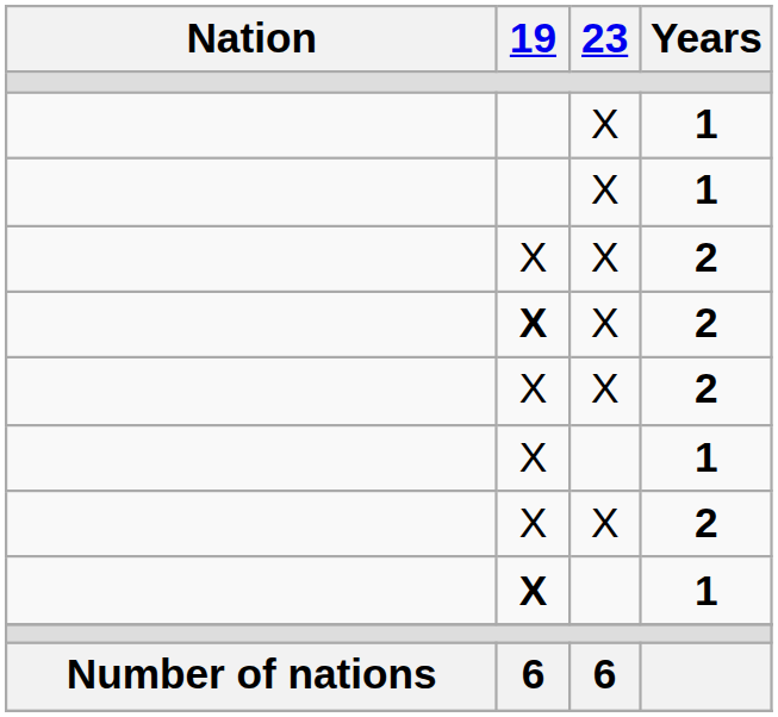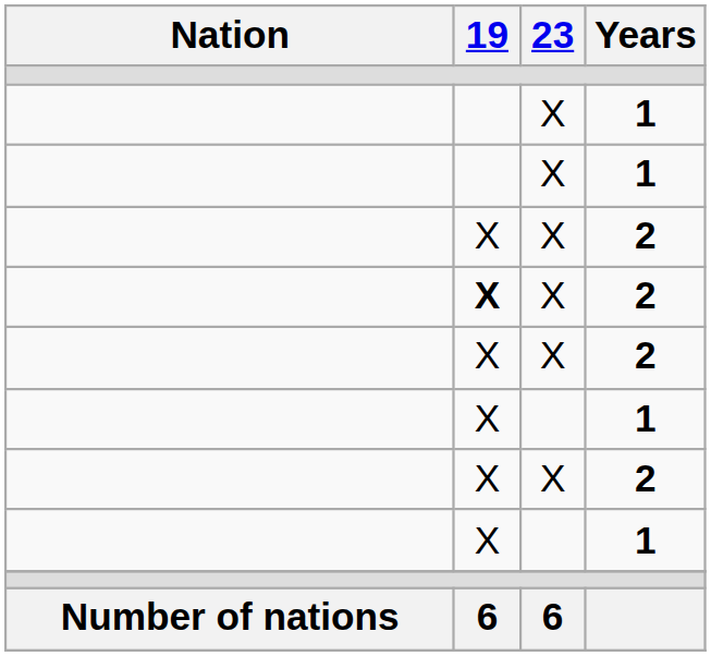 <table class=wikitable style="text-align:center">
 <tr>
 <th width=180>Nation</th>
 <th width=20><a href='#'>19</a></th>
 <th width=20><a href='#'>23</a></th>
 <th width=40>Years</th>
 </tr>
 <tr bgcolor=#DDDDDD>
 <td colspan=4></td>
 </tr>
 <tr>
 <td align=left></td>
 <td></td>
 <td>X</td>
 <td><strong>1</strong></td>
 </tr>
 <tr>
 <td align=left></td>
 <td></td>
 <td>X</td>
 <td><strong>1</strong></td>
 </tr>
 <tr>
 <td align=left></td>
 <td>X</td>
 <td>X</td>
 <td><strong>2</strong></td>
 </tr>
 <tr>
 <td align=left></td>
 <td><strong>X</strong></td>
 <td>X</td>
 <td><strong>2</strong></td>
 </tr>
 <tr>
 <td align=left></td>
 <td>X</td>
 <td>X</td>
 <td><strong>2</strong></td>
 </tr>
 <tr>
 <td align=left></td>
 <td>X</td>
 <td></td>
 <td><strong>1</strong></td>
 </tr>
 <tr>
 <td align=left></td>
 <td>X</td>
 <td>X</td>
 <td><strong>2</strong></td>
 </tr>
 <tr>
 <td align=left></td>
-<td><strong>X</strong></td>
+<td>X</td>
 <td></td>
 <td><strong>1</strong></td>
 </tr>
 <tr>
 </tr>
 <tr bgcolor=#DDDDDD>
 <td colspan=4></td>
 </tr>
 <tr>
 <th>Number of nations</th>
 <th>6</th>
 <th>6</th>
 <th></th>
 </tr>
 <tr>
 </tr>
 </table>
